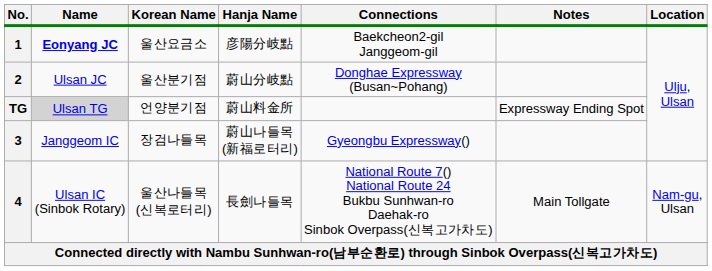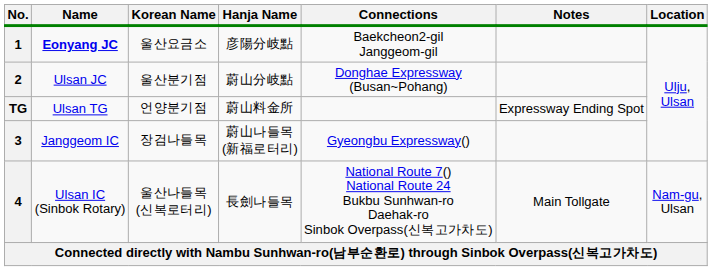 <table class="wikitable" style="font-size: 85%; text-align: center;">
 <tr style="border-bottom:solid 0.25em green;">
 <th>No.</th>
 <th>Name</th>
 <th>Korean Name</th>
 <th>Hanja Name</th>
 <th>Connections</th>
 <th>Notes</th>
 <th>Location</th>
 </tr>
 <tr>
 <th>1</th>
 <td><strong><a href='#'>Eonyang JC</a></strong></td>
 <td>울산요금소</td>
 <td>彦陽分岐點</td>
 <td>Baekcheon2-gil<br>Janggeom-gil</td>
 <td></td>
 <td rowspan="4"><a href='#'>Ulju</a>,<br> <a href='#'>Ulsan</a></td>
 </tr>
 <tr>
 <th>2</th>
 <td><a href='#'>Ulsan JC</a></td>
 <td>울산분기점</td>
 <td>蔚山分岐點</td>
 <td> <a href='#'>Donghae Expressway</a><br>(Busan~Pohang)</td>
 <td></td>
 </tr>
 <tr>
 <th>TG</th>
-<td style="background: lightgrey;"><a href='#'>Ulsan TG</a></td>
+<td><a href='#'>Ulsan TG</a></td>
 <td>언양분기점</td>
 <td>蔚山料金所</td>
 <td></td>
 <td>Expressway Ending Spot</td>
 </tr>
 <tr>
 <th>3</th>
 <td><a href='#'>Janggeom IC</a></td>
 <td>장검나들목</td>
 <td>蔚山나들목<br>(新福로터리)</td>
 <td> <a href='#'>Gyeongbu Expressway</a>()</td>
 <td></td>
 </tr>
 <tr>
 <th>4</th>
 <td><a href='#'>Ulsan IC</a><br>(Sinbok Rotary)</td>
 <td>울산나들목<br>(신복로터리)</td>
 <td>長劍나들목</td>
 <td> <a href='#'>National Route 7</a>()<br> <a href='#'>National Route 24</a><br>Bukbu Sunhwan-ro<br>Daehak-ro<br>Sinbok Overpass(신복고가차도)</td>
 <td>Main Tollgate</td>
 <td><a href='#'>Nam-gu</a>,<br>Ulsan</td>
 </tr>
 <tr>
 <th colspan="7">Connected directly with Nambu Sunhwan-ro(남부순환로) through Sinbok Overpass(신복고가차도)</th>
 </tr>
 </table>
